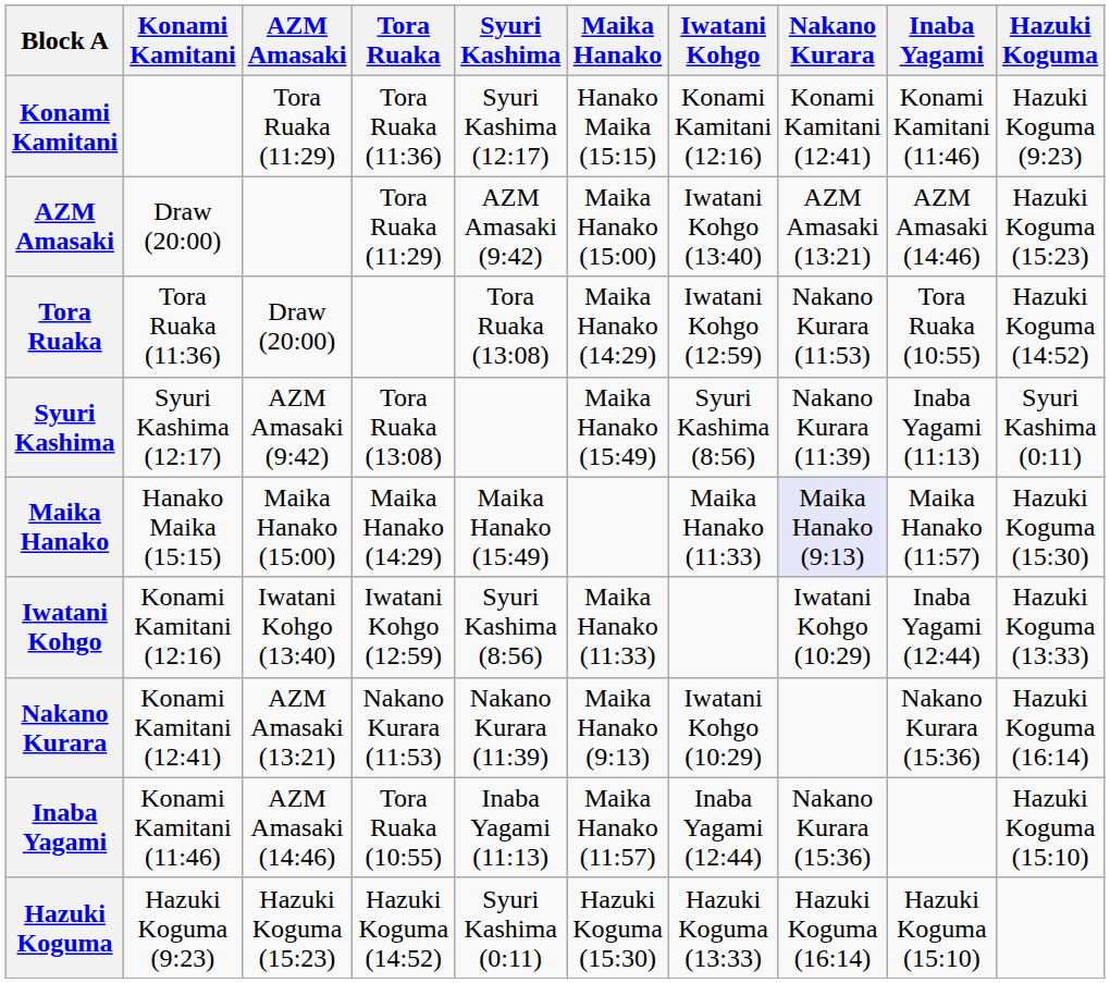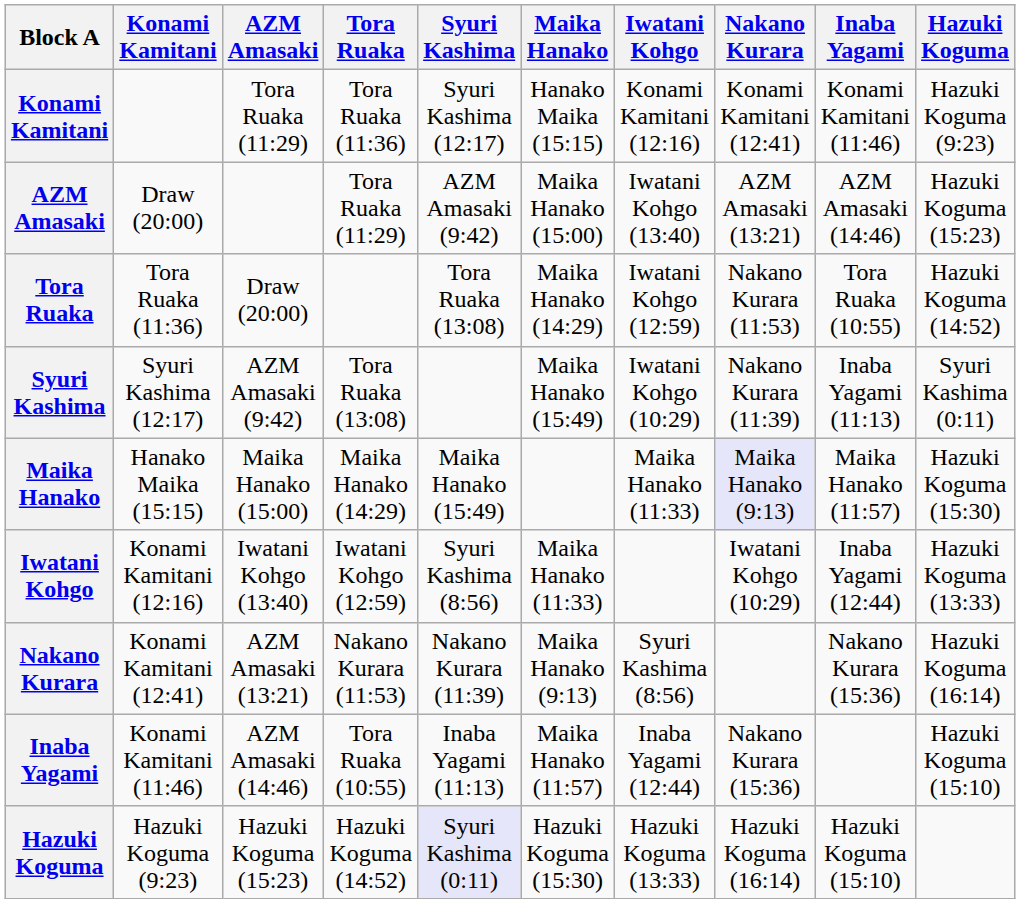 <table class="wikitable" style="text-align:center; margin: 1em auto 1em auto">
 <tr>
 <th>Block A</th>
 <th><a href='#'>Konami</a><br><a href='#'>Kamitani</a></th>
 <th><a href='#'>AZM</a><br><a href='#'>Amasaki</a></th>
 <th><a href='#'>Tora</a><br><a href='#'>Ruaka</a></th>
 <th><a href='#'>Syuri</a><br><a href='#'>Kashima</a></th>
 <th><a href='#'>Maika</a><br><a href='#'>Hanako</a></th>
 <th><a href='#'>Iwatani</a><br><a href='#'>Kohgo</a></th>
 <th><a href='#'>Nakano</a><br><a href='#'>Kurara</a></th>
 <th><a href='#'>Inaba</a><br><a href='#'>Yagami</a></th>
 <th><a href='#'>Hazuki</a><br><a href='#'>Koguma</a></th>
 </tr>
 <tr>
 <th><a href='#'>Konami</a><br><a href='#'>Kamitani</a></th>
 <td></td>
 <td>Tora<br>Ruaka<br>(11:29)</td>
 <td>Tora<br>Ruaka<br>(11:36)</td>
 <td>Syuri<br>Kashima<br>(12:17)</td>
 <td>Hanako<br>Maika<br>(15:15)</td>
 <td>Konami<br>Kamitani<br>(12:16)</td>
 <td>Konami<br>Kamitani<br>(12:41)</td>
 <td>Konami<br>Kamitani<br>(11:46)</td>
 <td>Hazuki<br>Koguma<br>(9:23)</td>
 </tr>
 <tr>
 <th><a href='#'>AZM</a><br><a href='#'>Amasaki</a></th>
 <td>Draw<br>(20:00)</td>
 <td></td>
 <td>Tora<br>Ruaka<br>(11:29)</td>
 <td>AZM<br>Amasaki<br>(9:42)</td>
 <td>Maika<br>Hanako<br>(15:00)</td>
 <td>Iwatani<br>Kohgo<br>(13:40)</td>
 <td>AZM<br>Amasaki<br>(13:21)</td>
 <td>AZM<br>Amasaki<br>(14:46)</td>
 <td>Hazuki<br>Koguma<br>(15:23)</td>
 </tr>
 <tr>
 <th><a href='#'>Tora</a><br><a href='#'>Ruaka</a></th>
 <td>Tora<br>Ruaka<br>(11:36)</td>
 <td>Draw<br>(20:00)</td>
 <td></td>
 <td>Tora<br>Ruaka<br>(13:08)</td>
 <td>Maika<br>Hanako<br>(14:29)</td>
 <td>Iwatani<br>Kohgo<br>(12:59)</td>
 <td>Nakano<br>Kurara<br>(11:53)</td>
 <td>Tora<br>Ruaka<br>(10:55)</td>
 <td>Hazuki<br>Koguma<br>(14:52)</td>
 </tr>
 <tr>
 <th><a href='#'>Syuri</a><br><a href='#'>Kashima</a></th>
 <td>Syuri<br>Kashima<br>(12:17)</td>
 <td>AZM<br>Amasaki<br>(9:42)</td>
 <td>Tora<br>Ruaka<br>(13:08)</td>
 <td></td>
 <td>Maika<br>Hanako<br>(15:49)</td>
-<td>Syuri<br>Kashima<br>(8:56)</td>
+<td>Iwatani<br>Kohgo<br>(10:29)</td>
 <td>Nakano<br>Kurara<br>(11:39)</td>
 <td>Inaba<br>Yagami<br>(11:13)</td>
 <td>Syuri<br>Kashima<br>(0:11)</td>
 </tr>
 <tr>
 <th><a href='#'>Maika</a><br><a href='#'>Hanako</a></th>
 <td>Hanako<br>Maika<br>(15:15)</td>
 <td>Maika<br>Hanako<br>(15:00)</td>
 <td>Maika<br>Hanako<br>(14:29)</td>
 <td>Maika<br>Hanako<br>(15:49)</td>
 <td></td>
 <td>Maika<br>Hanako<br>(11:33)</td>
 <td style="background: lavender;">Maika<br>Hanako<br>(9:13)</td>
 <td>Maika<br>Hanako<br>(11:57)</td>
 <td>Hazuki<br>Koguma<br>(15:30)</td>
 </tr>
 <tr>
 <th><a href='#'>Iwatani</a><br><a href='#'>Kohgo</a></th>
 <td>Konami<br>Kamitani<br>(12:16)</td>
 <td>Iwatani<br>Kohgo<br>(13:40)</td>
 <td>Iwatani<br>Kohgo<br>(12:59)</td>
 <td>Syuri<br>Kashima<br>(8:56)</td>
 <td>Maika<br>Hanako<br>(11:33)</td>
 <td></td>
 <td>Iwatani<br>Kohgo<br>(10:29)</td>
 <td>Inaba<br>Yagami<br>(12:44)</td>
 <td>Hazuki<br>Koguma<br>(13:33)</td>
 </tr>
 <tr>
 <th><a href='#'>Nakano</a><br><a href='#'>Kurara</a></th>
 <td>Konami<br>Kamitani<br>(12:41)</td>
 <td>AZM<br>Amasaki<br>(13:21)</td>
 <td>Nakano<br>Kurara<br>(11:53)</td>
 <td>Nakano<br>Kurara<br>(11:39)</td>
 <td>Maika<br>Hanako<br>(9:13)</td>
-<td>Iwatani<br>Kohgo<br>(10:29)</td>
+<td>Syuri<br>Kashima<br>(8:56)</td>
 <td></td>
 <td>Nakano<br>Kurara<br>(15:36)</td>
 <td>Hazuki<br>Koguma<br>(16:14)</td>
 </tr>
 <tr>
 <th><a href='#'>Inaba</a><br><a href='#'>Yagami</a></th>
 <td>Konami<br>Kamitani<br>(11:46)</td>
 <td>AZM<br>Amasaki<br>(14:46)</td>
 <td>Tora<br>Ruaka<br>(10:55)</td>
 <td>Inaba<br>Yagami<br>(11:13)</td>
 <td>Maika<br>Hanako<br>(11:57)</td>
 <td>Inaba<br>Yagami<br>(12:44)</td>
 <td>Nakano<br>Kurara<br>(15:36)</td>
 <td></td>
 <td>Hazuki<br>Koguma<br>(15:10)</td>
 </tr>
 <tr>
 <th><a href='#'>Hazuki</a><br><a href='#'>Koguma</a></th>
 <td>Hazuki<br>Koguma<br>(9:23)</td>
 <td>Hazuki<br>Koguma<br>(15:23)</td>
 <td>Hazuki<br>Koguma<br>(14:52)</td>
-<td>Syuri<br>Kashima<br>(0:11)</td>
+<td style="background: lavender;">Syuri<br>Kashima<br>(0:11)</td>
 <td>Hazuki<br>Koguma<br>(15:30)</td>
 <td>Hazuki<br>Koguma<br>(13:33)</td>
 <td>Hazuki<br>Koguma<br>(16:14)</td>
 <td>Hazuki<br>Koguma<br>(15:10)</td>
 <td></td>
 </tr>
 </table>
